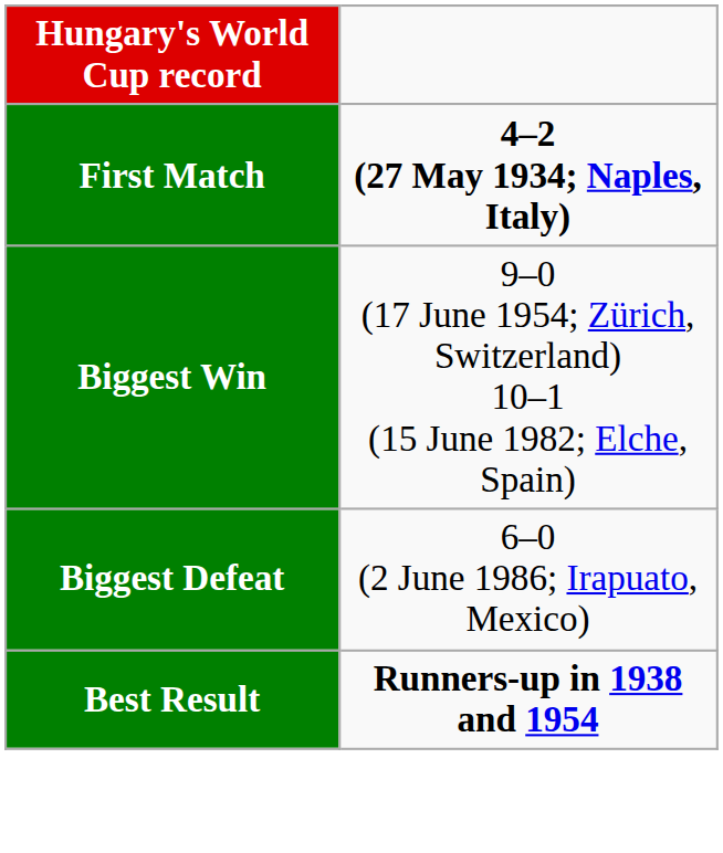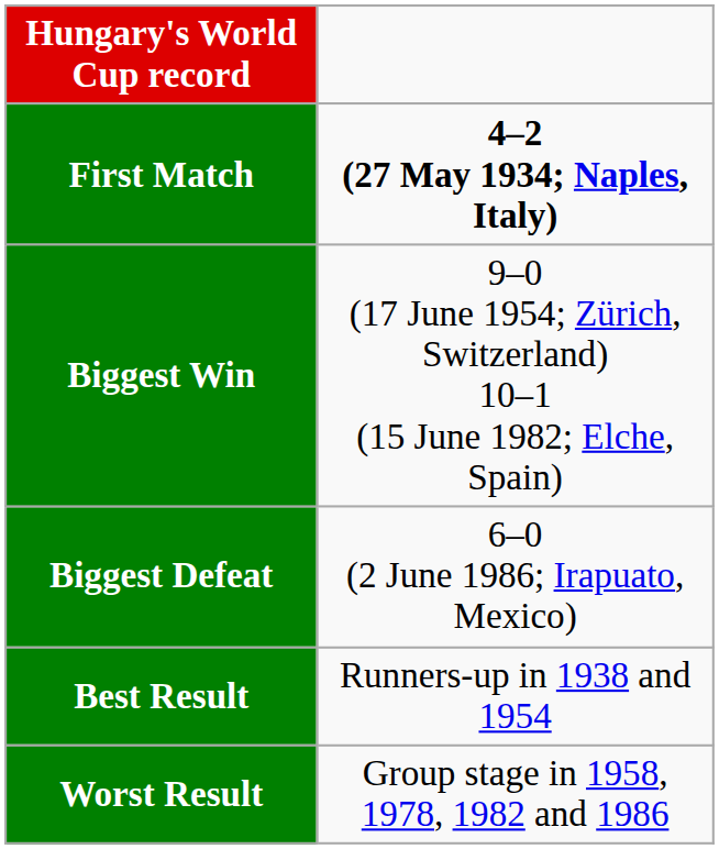 <table class="wikitable collapsible collapsed" style="width:50%; text-align:center">
 <tr>
 <th style="background:#dd0000; color:white; ">Hungary's World Cup record</th>
 </tr>
 <tr>
 <th style="background:green; color:white; ">First Match</th>
 <td><strong> 4–2 <br> (27 May 1934; <a href='#'>Naples</a>, Italy)</strong></td>
 </tr>
 <tr>
 <th style="background:green; color:white; ">Biggest Win</th>
 <td> 9–0 <br> (17 June 1954; <a href='#'>Zürich</a>, Switzerland)<br> 10–1 <br> (15 June 1982; <a href='#'>Elche</a>, Spain)</td>
 </tr>
 <tr>
 <th style="background:green; color:white; ">Biggest Defeat</th>
 <td> 6–0 <br> (2 June 1986; <a href='#'>Irapuato</a>, Mexico)</td>
 </tr>
 <tr>
 <th style="background:green; color:white; ">Best Result</th>
-<td><strong>Runners-up in <a href='#'>1938</a> and <a href='#'>1954</a></strong></td>
+<td>Runners-up in <a href='#'>1938</a> and <a href='#'>1954</a></td>
+</tr>
+<tr>
+<th style="background:green; color:white; ">Worst Result</th>
+<td>Group stage in <a href='#'>1958</a>, <a href='#'>1978</a>, <a href='#'>1982</a> and <a href='#'>1986</a></td>
 </tr>
 </table>
